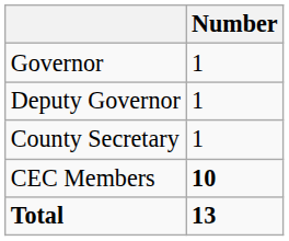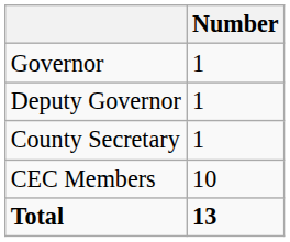 <table class="wikitable">
 <tr>
 <th></th>
 <th>Number</th>
 </tr>
 <tr>
 <td>Governor</td>
 <td>1</td>
 </tr>
 <tr>
 <td>Deputy Governor</td>
 <td>1</td>
 </tr>
 <tr>
 <td>County Secretary</td>
 <td>1</td>
 </tr>
 <tr>
 <td>CEC Members</td>
-<td><strong>10</strong></td>
+<td>10</td>
 </tr>
 <tr>
 <td><strong>Total</strong></td>
 <td><strong>13</strong></td>
 </tr>
 </table>
